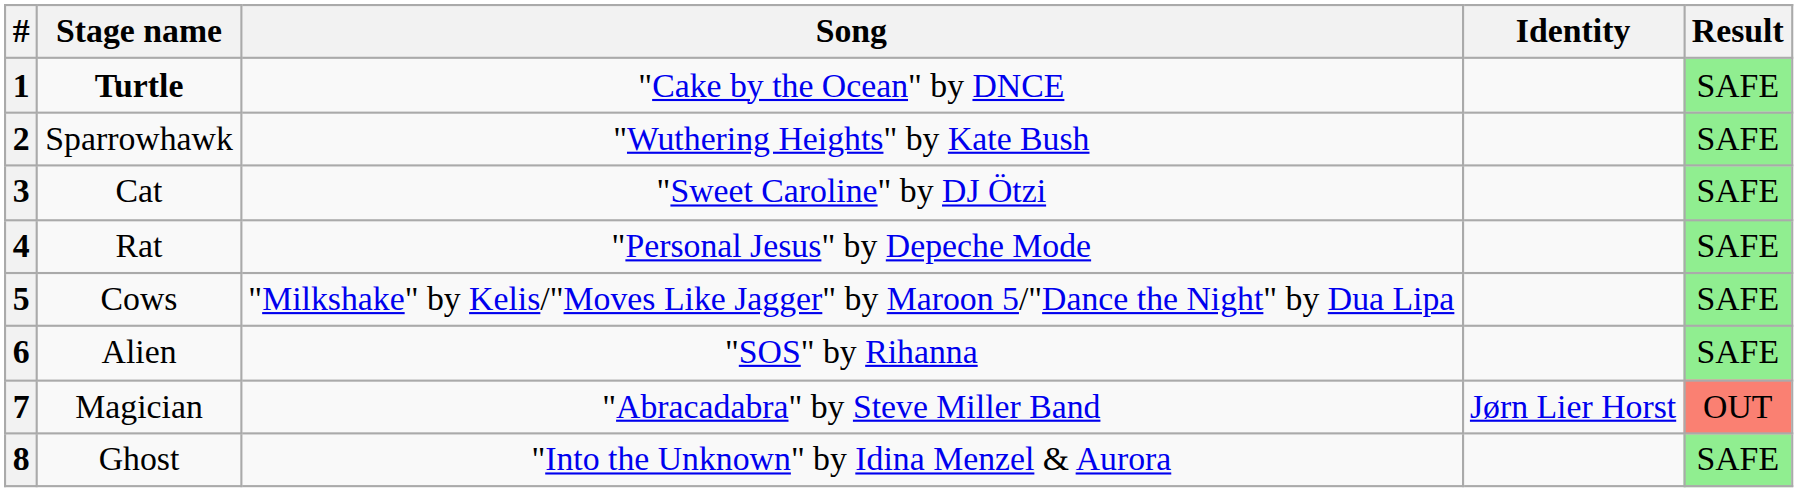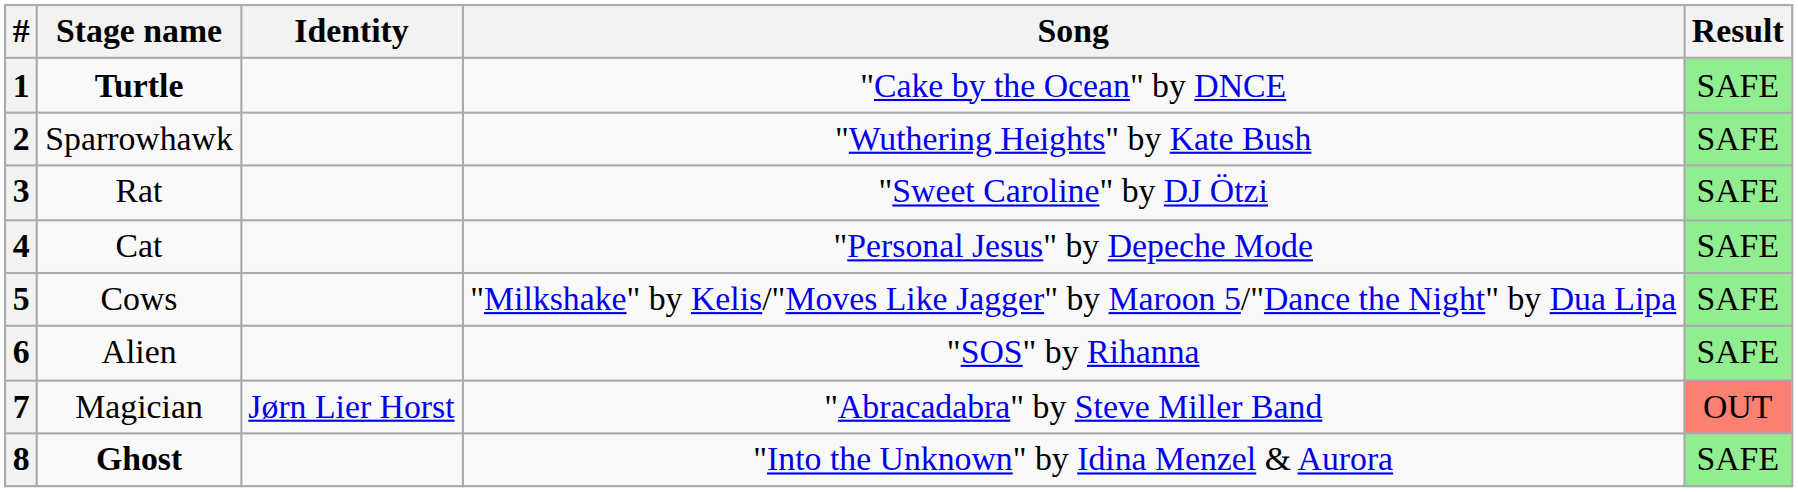 <table class="wikitable plainrowheaders" style="text-align: center;">
 <tr>
 <th>#</th>
 <th>Stage name</th>
+<th>Identity</th>
 <th>Song</th>
-<th>Identity</th>
 <th>Result</th>
 </tr>
 <tr>
 <th>1</th>
 <td><strong>Turtle</strong></td>
+<td></td>
 <td>"<a href='#'>Cake by the Ocean</a>" by <a href='#'>DNCE</a></td>
-<td></td>
 <td bgcolor="lightgreen">SAFE</td>
 </tr>
 <tr>
 <th>2</th>
 <td>Sparrowhawk</td>
+<td></td>
 <td>"<a href='#'>Wuthering Heights</a>" by <a href='#'>Kate Bush</a></td>
-<td></td>
 <td bgcolor="lightgreen">SAFE</td>
 </tr>
 <tr>
 <th>3</th>
-<td>Cat</td>
+<td>Rat</td>
+<td></td>
 <td>"<a href='#'>Sweet Caroline</a>" by <a href='#'>DJ Ötzi</a></td>
-<td></td>
 <td bgcolor="lightgreen">SAFE</td>
 </tr>
 <tr>
 <th>4</th>
-<td>Rat</td>
+<td>Cat</td>
+<td></td>
 <td>"<a href='#'>Personal Jesus</a>" by <a href='#'>Depeche Mode</a></td>
-<td></td>
 <td bgcolor="lightgreen">SAFE</td>
 </tr>
 <tr>
 <th>5</th>
 <td>Cows</td>
+<td></td>
 <td>"<a href='#'>Milkshake</a>" by <a href='#'>Kelis</a>/"<a href='#'>Moves Like Jagger</a>" by <a href='#'>Maroon 5</a>/"<a href='#'>Dance the Night</a>" by <a href='#'>Dua Lipa</a></td>
-<td></td>
 <td bgcolor="lightgreen">SAFE</td>
 </tr>
 <tr>
 <th>6</th>
 <td>Alien</td>
+<td></td>
 <td>"<a href='#'>SOS</a>" by <a href='#'>Rihanna</a></td>
-<td></td>
 <td bgcolor="lightgreen">SAFE</td>
 </tr>
 <tr>
 <th>7</th>
 <td>Magician</td>
+<td><a href='#'>Jørn Lier Horst</a></td>
 <td>"<a href='#'>Abracadabra</a>" by <a href='#'>Steve Miller Band</a></td>
-<td><a href='#'>Jørn Lier Horst</a></td>
 <td bgcolor=salmon>OUT</td>
 </tr>
 <tr>
 <th>8</th>
-<td>Ghost</td>
+<td><strong>Ghost</strong></td>
+<td></td>
 <td>"<a href='#'>Into the Unknown</a>" by <a href='#'>Idina Menzel</a> & <a href='#'>Aurora</a></td>
-<td></td>
 <td bgcolor="lightgreen">SAFE</td>
 </tr>
 </table>
